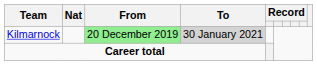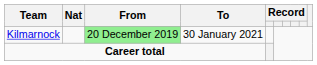 <table class="wikitable" style="text-align: center">
 <tr>
 <th rowspan="2">Team</th>
 <th rowspan="2">Nat</th>
 <th rowspan="2">From</th>
 <th rowspan="2">To</th>
 <th colspan="5">Record</th>
 <th rowspan=2></th>
 </tr>
 <tr>
 <th></th>
 <th></th>
 <th></th>
 <th></th>
 <th></th>
 </tr>
 <tr>
 <td align="left"><a href='#'>Kilmarnock</a></td>
 <td align="center"></td>
 <td align="center" style="background: lightgreen;">20 December 2019</td>
-<td align="center" style="background: lightgrey;">30 January 2021<br></td>
+<td align="center">30 January 2021<br></td>
 <td></td>
 </tr>
 <tr>
 <td colspan=4><strong>Career total</strong><br></td>
 <th></th>
 </tr>
 </table>
